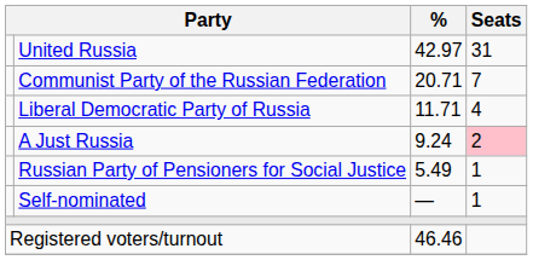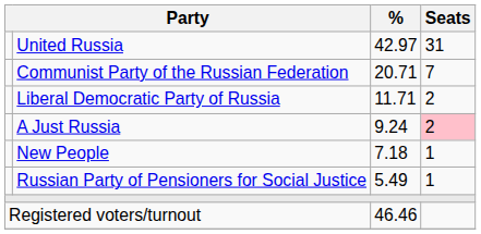 <table class="wikitable">
 <tr>
 <th colspan=2>Party</th>
 <th>%</th>
 <th>Seats</th>
 </tr>
 <tr>
 <td style="background:"></td>
 <td><a href='#'>United Russia</a></td>
 <td>42.97</td>
 <td>31</td>
 </tr>
 <tr>
 <td style="background:"></td>
 <td><a href='#'>Communist Party of the Russian Federation</a></td>
 <td>20.71</td>
 <td>7</td>
 </tr>
 <tr>
 <td style="background:"></td>
 <td><a href='#'>Liberal Democratic Party of Russia</a></td>
 <td>11.71</td>
-<td>4</td>
+<td>2</td>
 </tr>
 <tr>
 <td style="background:"></td>
 <td><a href='#'>A Just Russia</a></td>
 <td>9.24</td>
 <td style="background: pink;">2</td>
 </tr>
 <tr>
 <td style="background:"></td>
-<td><a href='#'>Russian Party of Pensioners for Social Justice</a></td>
-<td>5.49</td>
+<td><a href='#'>New People</a></td>
+<td>7.18</td>
 <td>1</td>
 </tr>
 <tr>
 <td style="background:"></td>
-<td><a href='#'>Self-nominated</a></td>
-<td>—</td>
+<td><a href='#'>Russian Party of Pensioners for Social Justice</a></td>
+<td>5.49</td>
 <td>1</td>
 </tr>
 <tr>
 <td colspan=4 style="background:#E9E9E9;"></td>
 </tr>
 <tr>
 <td align=left colspan=2>Registered voters/turnout</td>
 <td>46.46</td>
 <td></td>
 </tr>
 <tr>
 </tr>
 </table>
